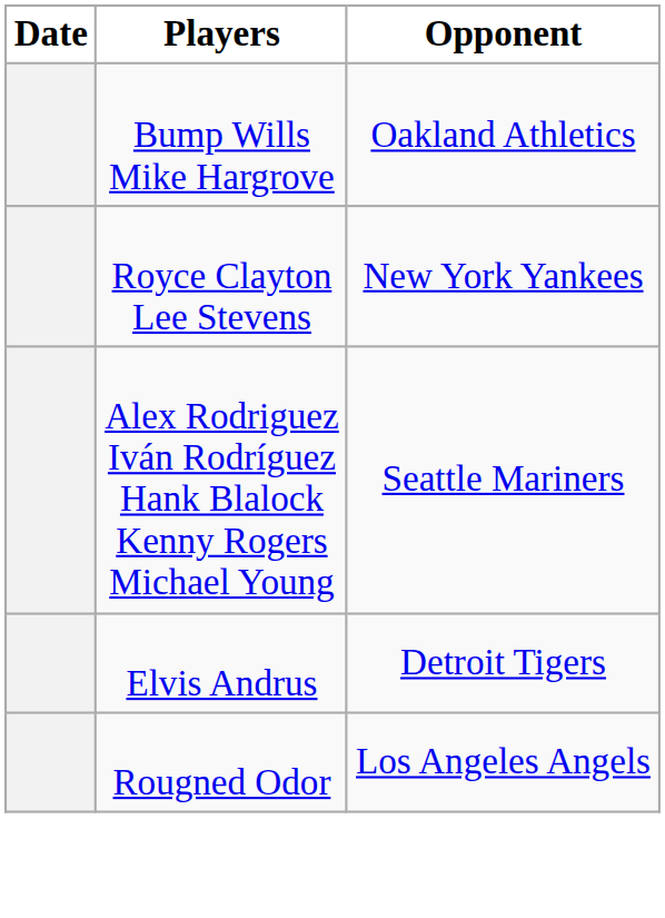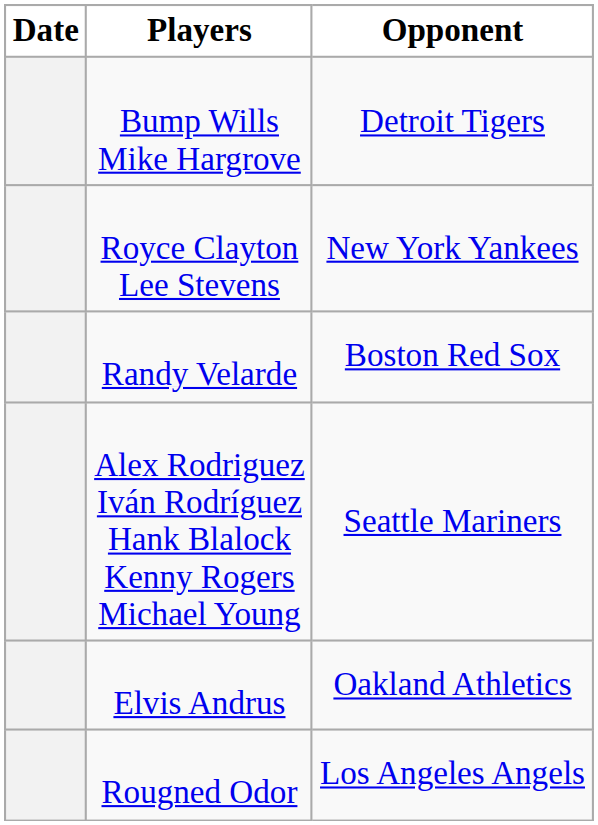 <table class="sortable wikitable plainrowheaders" style="text-align:center">
 <tr>
 <th scope="col" style="background-color:#ffffff; border-top:#">Date</th>
 <th scope="col" style="background-color:#ffffff; border-top:#">Players</th>
 <th scope="col" style="background-color:#ffffff; border-top:#">Opponent</th>
 </tr>
 <tr>
 <th scope="row" style="text-align:center"></th>
 <td><br><a href='#'>Bump Wills</a><br><a href='#'>Mike Hargrove</a></td>
-<td><a href='#'>Oakland Athletics</a></td>
+<td><a href='#'>Detroit Tigers</a></td>
 </tr>
 <tr>
 <th scope="row" style="text-align:center"></th>
 <td><br><a href='#'>Royce Clayton</a><br><a href='#'>Lee Stevens</a></td>
 <td><a href='#'>New York Yankees</a></td>
+</tr>
+<tr>
+<th scope="row" style="text-align:center"></th>
+<td><br><a href='#'>Randy Velarde</a></td>
+<td><a href='#'>Boston Red Sox</a></td>
 </tr>
 <tr>
 <th scope="row" style="text-align:center"></th>
 <td><br><a href='#'>Alex Rodriguez</a><br><a href='#'>Iván Rodríguez</a><br><a href='#'>Hank Blalock</a><br><a href='#'>Kenny Rogers</a><br><a href='#'>Michael Young</a></td>
 <td><a href='#'>Seattle Mariners</a></td>
 </tr>
 <tr>
 <th scope="row" style="text-align:center"></th>
 <td><br><a href='#'>Elvis Andrus</a></td>
-<td><a href='#'>Detroit Tigers</a></td>
+<td><a href='#'>Oakland Athletics</a></td>
 </tr>
 <tr>
 <th scope="row" style="text-align:center"></th>
 <td><br><a href='#'>Rougned Odor</a></td>
 <td><a href='#'>Los Angeles Angels</a></td>
 </tr>
 </table>
